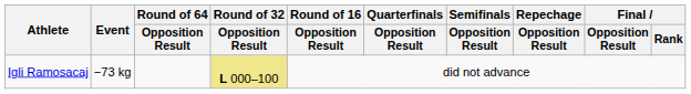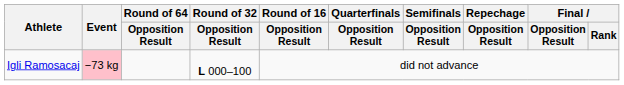 <table class="wikitable" style="font-size:90%">
 <tr>
 <th rowspan="2">Athlete</th>
 <th rowspan="2">Event</th>
 <th>Round of 64</th>
 <th>Round of 32</th>
 <th>Round of 16</th>
 <th>Quarterfinals</th>
 <th>Semifinals</th>
 <th>Repechage</th>
 <th colspan=2>Final / </th>
 </tr>
 <tr style="font-size:95%">
 <th>Opposition<br>Result</th>
 <th>Opposition<br>Result</th>
 <th>Opposition<br>Result</th>
 <th>Opposition<br>Result</th>
 <th>Opposition<br>Result</th>
 <th>Opposition<br>Result</th>
 <th>Opposition<br>Result</th>
 <th>Rank</th>
 </tr>
 <tr align=center>
 <td align=left><a href='#'>Igli Ramosacaj</a></td>
-<td align=left>−73 kg</td>
+<td align=left style="background: pink;">−73 kg</td>
 <td></td>
-<td style="background: khaki;"> <br><strong>L</strong> 000–100</td>
+<td> <br><strong>L</strong> 000–100</td>
 <td colspan=6>did not advance</td>
 </tr>
 </table>
